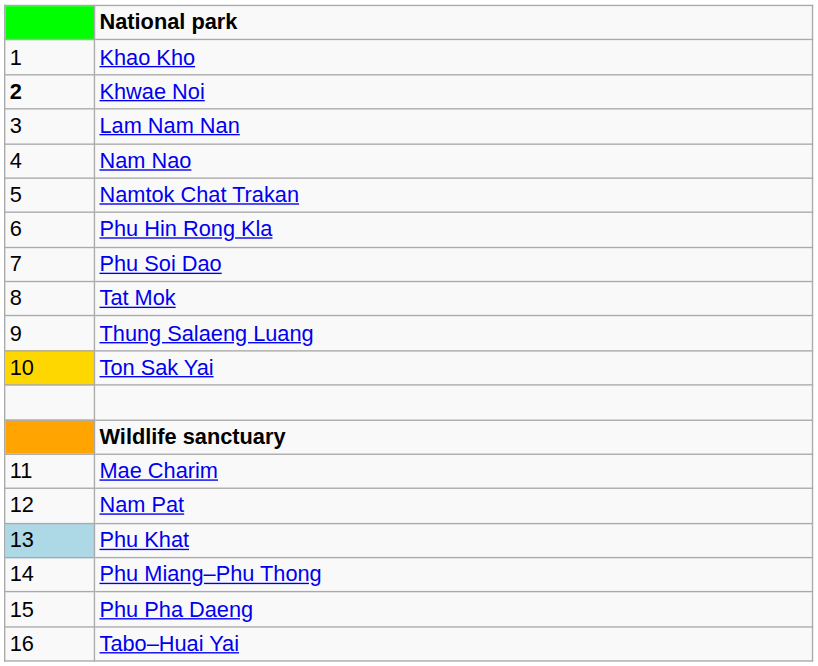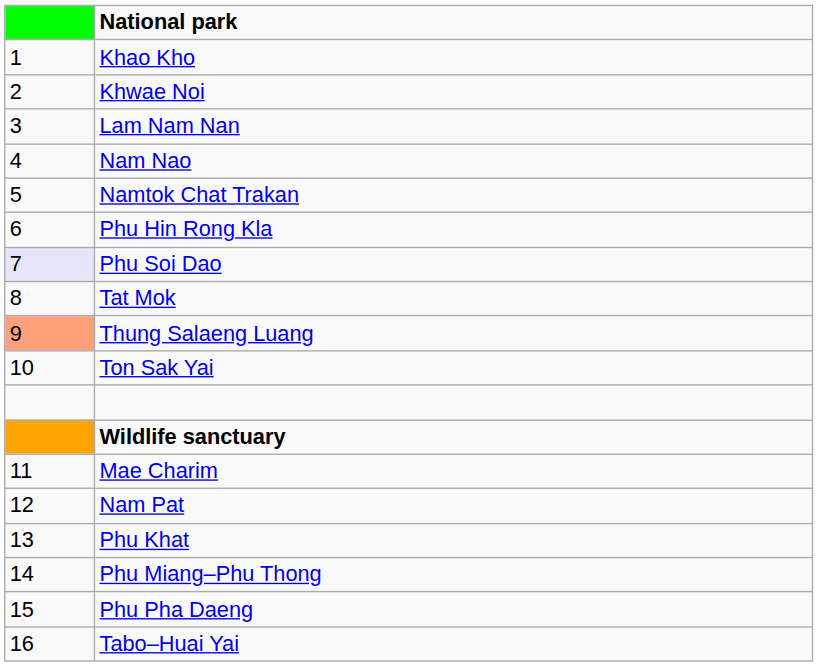 <table class= "wikitable" style= "width:30%; display:inline-table;">
 <tr>
 <td style="width:3%; background:#00FF00;"> </td>
 <td style="width:27%;"><strong>National park</strong></td>
 </tr>
 <tr>
 <td>1</td>
 <td><a href='#'>Khao Kho</a></td>
 </tr>
 <tr>
-<td><strong>2</strong></td>
+<td>2</td>
 <td><a href='#'>Khwae Noi</a></td>
 </tr>
 <tr>
 <td>3</td>
 <td><a href='#'>Lam Nam Nan</a></td>
 </tr>
 <tr>
 <td>4</td>
 <td><a href='#'>Nam Nao</a></td>
 </tr>
 <tr>
 <td>5</td>
 <td><a href='#'>Namtok Chat Trakan</a></td>
 </tr>
 <tr>
 <td>6</td>
 <td><a href='#'>Phu Hin Rong Kla</a></td>
 </tr>
 <tr>
-<td>7</td>
+<td style="background: lavender;">7</td>
 <td><a href='#'>Phu Soi Dao</a></td>
 </tr>
 <tr>
 <td>8</td>
 <td><a href='#'>Tat Mok</a></td>
 </tr>
 <tr>
-<td>9</td>
+<td style="background: lightsalmon;">9</td>
 <td><a href='#'>Thung Salaeng Luang</a></td>
 </tr>
 <tr>
-<td style="background: gold;">10</td>
+<td>10</td>
 <td><a href='#'>Ton Sak Yai</a></td>
 </tr>
 <tr>
 <td> </td>
 </tr>
 <tr>
 <td style="background:#FFA400;"> </td>
 <td><strong>Wildlife sanctuary</strong></td>
 </tr>
 <tr>
 <td>11</td>
 <td><a href='#'>Mae Charim</a></td>
 </tr>
 <tr>
 <td>12</td>
 <td><a href='#'>Nam Pat</a></td>
 </tr>
 <tr>
-<td style="background: lightblue;">13</td>
+<td>13</td>
 <td><a href='#'>Phu Khat</a></td>
 </tr>
 <tr>
 <td>14</td>
 <td><a href='#'>Phu Miang–Phu Thong</a></td>
 </tr>
 <tr>
 <td>15</td>
 <td><a href='#'>Phu Pha Daeng</a></td>
 </tr>
 <tr>
 <td>16</td>
 <td><a href='#'>Tabo–Huai Yai</a></td>
 </tr>
 </table>
